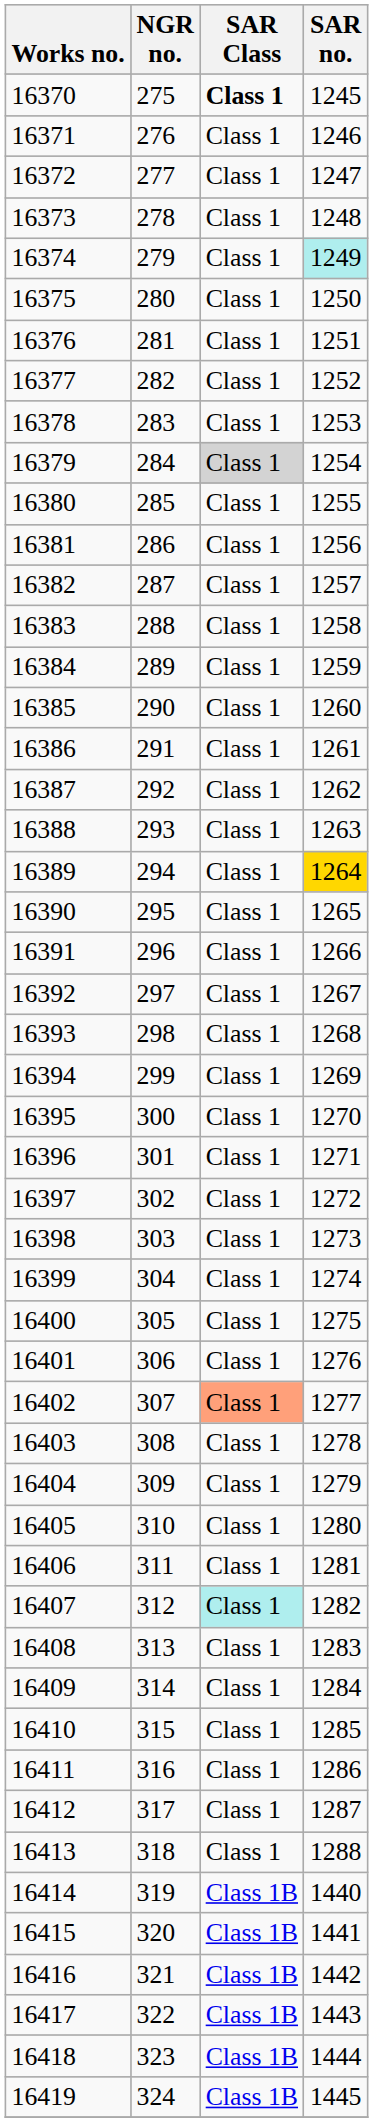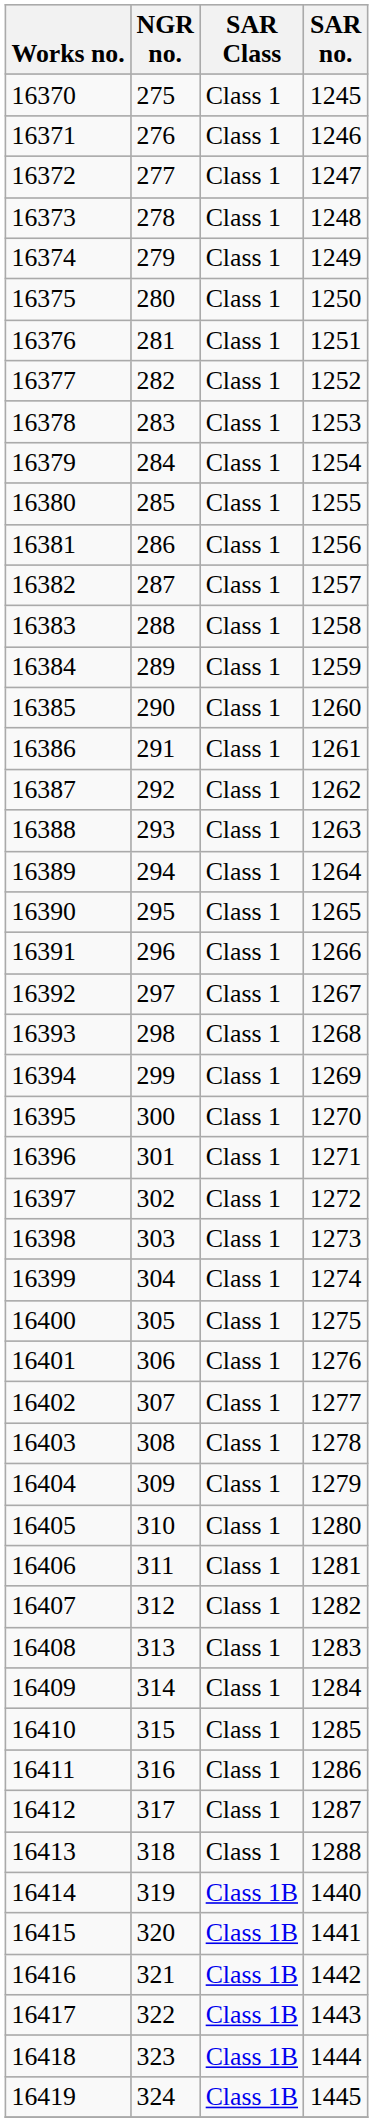 <table class="wikitable collapsible collapsed sortable" style="margin:0.5em auto; font-size:100%;">
 <tr>
 <th><br>Works no.</th>
 <th>NGR<br>no.</th>
 <th>SAR<br>Class</th>
 <th>SAR<br>no.</th>
 </tr>
 <tr>
 <td>16370</td>
 <td>275</td>
-<td><strong>Class 1</strong></td>
+<td>Class 1</td>
 <td>1245</td>
 </tr>
 <tr>
 <td>16371</td>
 <td>276</td>
 <td>Class 1</td>
 <td>1246</td>
 </tr>
 <tr>
 <td>16372</td>
 <td>277</td>
 <td>Class 1</td>
 <td>1247</td>
 </tr>
 <tr>
 <td>16373</td>
 <td>278</td>
 <td>Class 1</td>
 <td>1248</td>
 </tr>
 <tr>
 <td>16374</td>
 <td>279</td>
 <td>Class 1</td>
-<td style="background: paleturquoise;">1249</td>
+<td>1249</td>
 </tr>
 <tr>
 <td>16375</td>
 <td>280</td>
 <td>Class 1</td>
 <td>1250</td>
 </tr>
 <tr>
 <td>16376</td>
 <td>281</td>
 <td>Class 1</td>
 <td>1251</td>
 </tr>
 <tr>
 <td>16377</td>
 <td>282</td>
 <td>Class 1</td>
 <td>1252</td>
 </tr>
 <tr>
 <td>16378</td>
 <td>283</td>
 <td>Class 1</td>
 <td>1253</td>
 </tr>
 <tr>
 <td>16379</td>
 <td>284</td>
-<td style="background: lightgrey;">Class 1</td>
+<td>Class 1</td>
 <td>1254</td>
 </tr>
 <tr>
 <td>16380</td>
 <td>285</td>
 <td>Class 1</td>
 <td>1255</td>
 </tr>
 <tr>
 <td>16381</td>
 <td>286</td>
 <td>Class 1</td>
 <td>1256</td>
 </tr>
 <tr>
 <td>16382</td>
 <td>287</td>
 <td>Class 1</td>
 <td>1257</td>
 </tr>
 <tr>
 <td>16383</td>
 <td>288</td>
 <td>Class 1</td>
 <td>1258</td>
 </tr>
 <tr>
 <td>16384</td>
 <td>289</td>
 <td>Class 1</td>
 <td>1259</td>
 </tr>
 <tr>
 <td>16385</td>
 <td>290</td>
 <td>Class 1</td>
 <td>1260</td>
 </tr>
 <tr>
 <td>16386</td>
 <td>291</td>
 <td>Class 1</td>
 <td>1261</td>
 </tr>
 <tr>
 <td>16387</td>
 <td>292</td>
 <td>Class 1</td>
 <td>1262</td>
 </tr>
 <tr>
 <td>16388</td>
 <td>293</td>
 <td>Class 1</td>
 <td>1263</td>
 </tr>
 <tr>
 <td>16389</td>
 <td>294</td>
 <td>Class 1</td>
-<td style="background: gold;">1264</td>
+<td>1264</td>
 </tr>
 <tr>
 <td>16390</td>
 <td>295</td>
 <td>Class 1</td>
 <td>1265</td>
 </tr>
 <tr>
 <td>16391</td>
 <td>296</td>
 <td>Class 1</td>
 <td>1266</td>
 </tr>
 <tr>
 <td>16392</td>
 <td>297</td>
 <td>Class 1</td>
 <td>1267</td>
 </tr>
 <tr>
 <td>16393</td>
 <td>298</td>
 <td>Class 1</td>
 <td>1268</td>
 </tr>
 <tr>
 <td>16394</td>
 <td>299</td>
 <td>Class 1</td>
 <td>1269</td>
 </tr>
 <tr>
 <td>16395</td>
 <td>300</td>
 <td>Class 1</td>
 <td>1270</td>
 </tr>
 <tr>
 <td>16396</td>
 <td>301</td>
 <td>Class 1</td>
 <td>1271</td>
 </tr>
 <tr>
 <td>16397</td>
 <td>302</td>
 <td>Class 1</td>
 <td>1272</td>
 </tr>
 <tr>
 <td>16398</td>
 <td>303</td>
 <td>Class 1</td>
 <td>1273</td>
 </tr>
 <tr>
 <td>16399</td>
 <td>304</td>
 <td>Class 1</td>
 <td>1274</td>
 </tr>
 <tr>
 <td>16400</td>
 <td>305</td>
 <td>Class 1</td>
 <td>1275</td>
 </tr>
 <tr>
 <td>16401</td>
 <td>306</td>
 <td>Class 1</td>
 <td>1276</td>
 </tr>
 <tr>
 <td>16402</td>
 <td>307</td>
-<td style="background: lightsalmon;">Class 1</td>
+<td>Class 1</td>
 <td>1277</td>
 </tr>
 <tr>
 <td>16403</td>
 <td>308</td>
 <td>Class 1</td>
 <td>1278</td>
 </tr>
 <tr>
 <td>16404</td>
 <td>309</td>
 <td>Class 1</td>
 <td>1279</td>
 </tr>
 <tr>
 <td>16405</td>
 <td>310</td>
 <td>Class 1</td>
 <td>1280</td>
 </tr>
 <tr>
 <td>16406</td>
 <td>311</td>
 <td>Class 1</td>
 <td>1281</td>
 </tr>
 <tr>
 <td>16407</td>
 <td>312</td>
-<td style="background: paleturquoise;">Class 1</td>
+<td>Class 1</td>
 <td>1282</td>
 </tr>
 <tr>
 <td>16408</td>
 <td>313</td>
 <td>Class 1</td>
 <td>1283</td>
 </tr>
 <tr>
 <td>16409</td>
 <td>314</td>
 <td>Class 1</td>
 <td>1284</td>
 </tr>
 <tr>
 <td>16410</td>
 <td>315</td>
 <td>Class 1</td>
 <td>1285</td>
 </tr>
 <tr>
 <td>16411</td>
 <td>316</td>
 <td>Class 1</td>
 <td>1286</td>
 </tr>
 <tr>
 <td>16412</td>
 <td>317</td>
 <td>Class 1</td>
 <td>1287</td>
 </tr>
 <tr>
 <td>16413</td>
 <td>318</td>
 <td>Class 1</td>
 <td>1288</td>
 </tr>
 <tr>
 <td>16414</td>
 <td>319</td>
 <td><a href='#'>Class 1B</a></td>
 <td>1440</td>
 </tr>
 <tr>
 <td>16415</td>
 <td>320</td>
 <td><a href='#'>Class 1B</a></td>
 <td>1441</td>
 </tr>
 <tr>
 <td>16416</td>
 <td>321</td>
 <td><a href='#'>Class 1B</a></td>
 <td>1442</td>
 </tr>
 <tr>
 <td>16417</td>
 <td>322</td>
 <td><a href='#'>Class 1B</a></td>
 <td>1443</td>
 </tr>
 <tr>
 <td>16418</td>
 <td>323</td>
 <td><a href='#'>Class 1B</a></td>
 <td>1444</td>
 </tr>
 <tr>
 <td>16419</td>
 <td>324</td>
 <td><a href='#'>Class 1B</a></td>
 <td>1445</td>
 </tr>
 <tr>
 </tr>
 </table>
